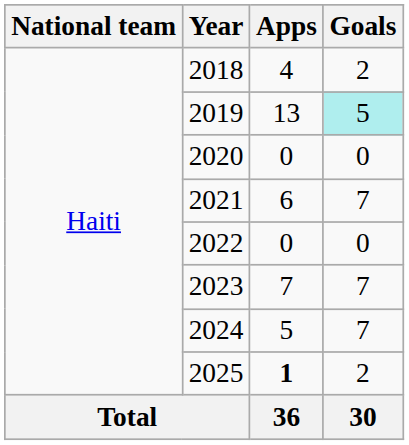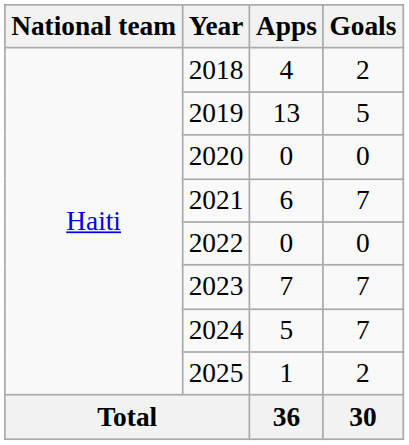 <table class="wikitable" style="text-align:center">
 <tr>
 <th>National team</th>
 <th>Year</th>
 <th>Apps</th>
 <th>Goals</th>
 </tr>
 <tr>
 <td rowspan="8"><a href='#'>Haiti</a></td>
 <td>2018</td>
 <td>4</td>
 <td>2</td>
 </tr>
 <tr>
 <td>2019</td>
 <td>13</td>
-<td style="background: paleturquoise;">5</td>
+<td>5</td>
 </tr>
 <tr>
 <td>2020</td>
 <td>0</td>
 <td>0</td>
 </tr>
 <tr>
 <td>2021</td>
 <td>6</td>
 <td>7</td>
 </tr>
 <tr>
 <td>2022</td>
 <td>0</td>
 <td>0</td>
 </tr>
 <tr>
 <td>2023</td>
 <td>7</td>
 <td>7</td>
 </tr>
 <tr>
 <td>2024</td>
 <td>5</td>
 <td>7</td>
 </tr>
 <tr>
 <td>2025</td>
-<td><strong>1</strong></td>
+<td>1</td>
 <td>2</td>
 </tr>
 <tr>
 <th colspan="2">Total</th>
 <th>36</th>
 <th>30</th>
 </tr>
 </table>
